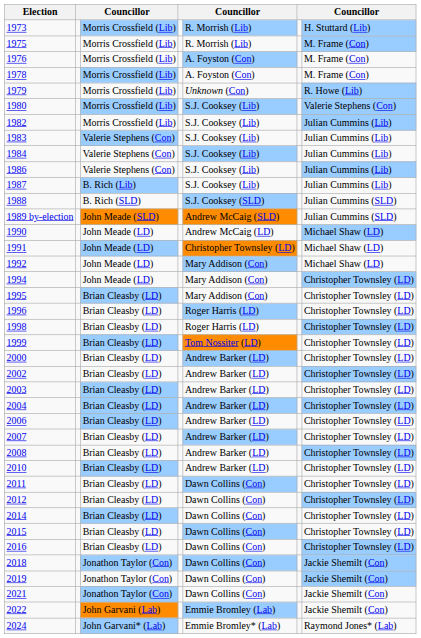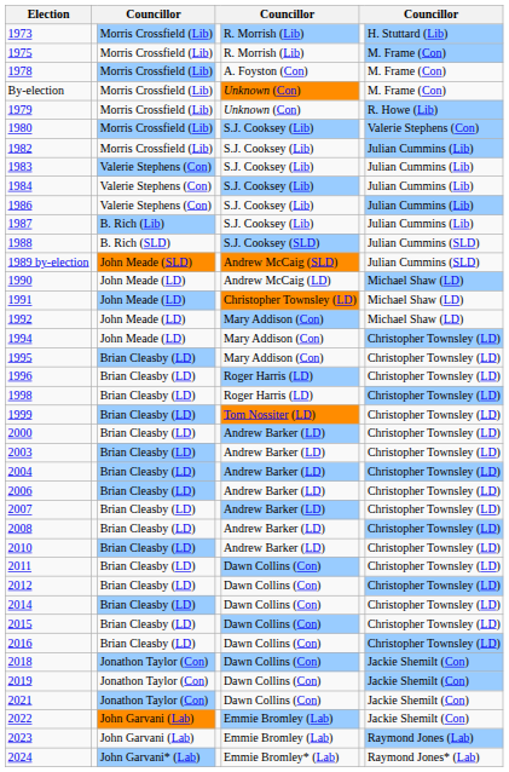 <table class="wikitable">
 <tr>
 <th>Election</th>
 <th colspan="2">Councillor</th>
 <th colspan="2">Councillor</th>
 <th colspan="2">Councillor</th>
 </tr>
 <tr>
 <td><a href='#'>1973</a></td>
 <td style="background-color: "></td>
 <td bgcolor="#99CCFF">Morris Crossfield (<a href='#'>Lib</a>)</td>
 <td style="background-color: "></td>
 <td bgcolor="#99CCFF">R. Morrish (<a href='#'>Lib</a>)</td>
 <td style="background-color: "></td>
 <td bgcolor="#99CCFF">H. Stuttard (<a href='#'>Lib</a>)</td>
 </tr>
 <tr>
 <td><a href='#'>1975</a></td>
 <td style="background-color: "></td>
 <td>Morris Crossfield (<a href='#'>Lib</a>)</td>
 <td style="background-color: "></td>
 <td>R. Morrish (<a href='#'>Lib</a>)</td>
 <td style="background-color: "></td>
 <td bgcolor="#99CCFF">M. Frame (<a href='#'>Con</a>)</td>
 </tr>
 <tr>
-<td><a href='#'>1976</a></td>
-<td style="background-color: "></td>
-<td>Morris Crossfield (<a href='#'>Lib</a>)</td>
-<td style="background-color: "></td>
-<td bgcolor="#99CCFF">A. Foyston (<a href='#'>Con</a>)</td>
-<td style="background-color: "></td>
-<td>M. Frame (<a href='#'>Con</a>)</td>
-</tr>
-<tr>
 <td><a href='#'>1978</a></td>
 <td style="background-color: "></td>
 <td bgcolor="#99CCFF">Morris Crossfield (<a href='#'>Lib</a>)</td>
 <td style="background-color: "></td>
 <td>A. Foyston (<a href='#'>Con</a>)</td>
+<td style="background-color: "></td>
+<td>M. Frame (<a href='#'>Con</a>)</td>
+</tr>
+<tr>
+<td>By-election</td>
+<td style="background-color: "></td>
+<td>Morris Crossfield (<a href='#'>Lib</a>)</td>
+<td style="background-color: "></td>
+<td bgcolor="#FF8C00"><em>Unknown</em> (<a href='#'>Con</a>)</td>
 <td style="background-color: "></td>
 <td>M. Frame (<a href='#'>Con</a>)</td>
 </tr>
 <tr>
 <td><a href='#'>1979</a></td>
 <td style="background-color: "></td>
 <td>Morris Crossfield (<a href='#'>Lib</a>)</td>
 <td style="background-color: "></td>
 <td><em>Unknown</em> (<a href='#'>Con</a>)</td>
 <td style="background-color: "></td>
 <td bgcolor="#99CCFF">R. Howe (<a href='#'>Lib</a>)</td>
 </tr>
 <tr>
 <td><a href='#'>1980</a></td>
 <td style="background-color: "></td>
 <td bgcolor="#99CCFF">Morris Crossfield (<a href='#'>Lib</a>)</td>
 <td style="background-color: "></td>
 <td bgcolor="#99CCFF">S.J. Cooksey (<a href='#'>Lib</a>)</td>
 <td style="background-color: "></td>
 <td bgcolor="#99CCFF">Valerie Stephens (<a href='#'>Con</a>)</td>
 </tr>
 <tr>
 <td><a href='#'>1982</a></td>
 <td style="background-color: "></td>
 <td>Morris Crossfield (<a href='#'>Lib</a>)</td>
 <td style="background-color: "></td>
 <td>S.J. Cooksey (<a href='#'>Lib</a>)</td>
 <td style="background-color: "></td>
 <td bgcolor="#99CCFF">Julian Cummins (<a href='#'>Lib</a>)</td>
 </tr>
 <tr>
 <td><a href='#'>1983</a></td>
 <td style="background-color: "></td>
 <td bgcolor="#99CCFF">Valerie Stephens (<a href='#'>Con</a>)</td>
 <td style="background-color: "></td>
 <td>S.J. Cooksey (<a href='#'>Lib</a>)</td>
 <td style="background-color: "></td>
 <td>Julian Cummins (<a href='#'>Lib</a>)</td>
 </tr>
 <tr>
 <td><a href='#'>1984</a></td>
 <td style="background-color: "></td>
 <td>Valerie Stephens (<a href='#'>Con</a>)</td>
 <td style="background-color: "></td>
 <td bgcolor="#99CCFF">S.J. Cooksey (<a href='#'>Lib</a>)</td>
 <td style="background-color: "></td>
 <td>Julian Cummins (<a href='#'>Lib</a>)</td>
 </tr>
 <tr>
 <td><a href='#'>1986</a></td>
 <td style="background-color: "></td>
 <td>Valerie Stephens (<a href='#'>Con</a>)</td>
 <td style="background-color: "></td>
 <td>S.J. Cooksey (<a href='#'>Lib</a>)</td>
 <td style="background-color: "></td>
 <td bgcolor="#99CCFF">Julian Cummins (<a href='#'>Lib</a>)</td>
 </tr>
 <tr>
 <td><a href='#'>1987</a></td>
 <td style="background-color: "></td>
 <td bgcolor="#99CCFF">B. Rich (<a href='#'>Lib</a>)</td>
 <td style="background-color: "></td>
 <td>S.J. Cooksey (<a href='#'>Lib</a>)</td>
 <td style="background-color: "></td>
 <td>Julian Cummins (<a href='#'>Lib</a>)</td>
 </tr>
 <tr>
 <td><a href='#'>1988</a></td>
 <td style="background-color: "></td>
 <td>B. Rich (<a href='#'>SLD</a>)</td>
 <td style="background-color: "></td>
 <td bgcolor="#99CCFF">S.J. Cooksey (<a href='#'>SLD</a>)</td>
 <td style="background-color: "></td>
 <td>Julian Cummins (<a href='#'>SLD</a>)</td>
 </tr>
 <tr>
 <td><a href='#'>1989 by-election</a></td>
 <td style="background-color: "></td>
 <td bgcolor="#FF8C00">John Meade (<a href='#'>SLD</a>)</td>
 <td style="background-color: "></td>
 <td bgcolor="#FF8C00">Andrew McCaig (<a href='#'>SLD</a>)</td>
 <td style="background-color: "></td>
 <td>Julian Cummins (<a href='#'>SLD</a>)</td>
 </tr>
 <tr>
 <td><a href='#'>1990</a></td>
 <td style="background-color: "></td>
 <td>John Meade (<a href='#'>LD</a>)</td>
 <td style="background-color: "></td>
 <td>Andrew McCaig (<a href='#'>LD</a>)</td>
 <td style="background-color: "></td>
 <td bgcolor="#99CCFF">Michael Shaw (<a href='#'>LD</a>)</td>
 </tr>
 <tr>
 <td><a href='#'>1991</a></td>
 <td style="background-color: "></td>
 <td bgcolor="#99CCFF">John Meade (<a href='#'>LD</a>)</td>
 <td style="background-color: "></td>
 <td bgcolor="#FF8C00">Christopher Townsley (<a href='#'>LD</a>)</td>
 <td style="background-color: "></td>
 <td>Michael Shaw (<a href='#'>LD</a>)</td>
 </tr>
 <tr>
 <td><a href='#'>1992</a></td>
 <td style="background-color: "></td>
 <td>John Meade (<a href='#'>LD</a>)</td>
 <td style="background-color: "></td>
 <td bgcolor="#99CCFF">Mary Addison (<a href='#'>Con</a>)</td>
 <td style="background-color: "></td>
 <td>Michael Shaw (<a href='#'>LD</a>)</td>
 </tr>
 <tr>
 <td><a href='#'>1994</a></td>
 <td style="background-color: "></td>
 <td>John Meade (<a href='#'>LD</a>)</td>
 <td style="background-color: "></td>
 <td>Mary Addison (<a href='#'>Con</a>)</td>
 <td style="background-color: "></td>
 <td bgcolor="#99CCFF">Christopher Townsley (<a href='#'>LD</a>)</td>
 </tr>
 <tr>
 <td><a href='#'>1995</a></td>
 <td style="background-color: "></td>
 <td bgcolor="#99CCFF">Brian Cleasby (<a href='#'>LD</a>)</td>
 <td style="background-color: "></td>
 <td>Mary Addison (<a href='#'>Con</a>)</td>
 <td style="background-color: "></td>
 <td>Christopher Townsley (<a href='#'>LD</a>)</td>
 </tr>
 <tr>
 <td><a href='#'>1996</a></td>
 <td style="background-color: "></td>
 <td>Brian Cleasby (<a href='#'>LD</a>)</td>
 <td style="background-color: "></td>
 <td bgcolor="#99CCFF">Roger Harris (<a href='#'>LD</a>)</td>
 <td style="background-color: "></td>
 <td>Christopher Townsley (<a href='#'>LD</a>)</td>
 </tr>
 <tr>
 <td><a href='#'>1998</a></td>
 <td style="background-color: "></td>
 <td>Brian Cleasby (<a href='#'>LD</a>)</td>
 <td style="background-color: "></td>
 <td>Roger Harris (<a href='#'>LD</a>)</td>
 <td style="background-color: "></td>
 <td bgcolor="#99CCFF">Christopher Townsley (<a href='#'>LD</a>)</td>
 </tr>
 <tr>
 <td><a href='#'>1999</a></td>
 <td style="background-color: "></td>
 <td bgcolor="#99CCFF">Brian Cleasby (<a href='#'>LD</a>)</td>
 <td style="background-color: "></td>
 <td bgcolor="#FF8C00"><a href='#'>Tom Nossiter</a> (<a href='#'>LD</a>)</td>
 <td style="background-color: "></td>
 <td>Christopher Townsley (<a href='#'>LD</a>)</td>
 </tr>
 <tr>
 <td><a href='#'>2000</a></td>
 <td style="background-color: "></td>
 <td>Brian Cleasby (<a href='#'>LD</a>)</td>
 <td style="background-color: "></td>
 <td bgcolor="#99CCFF">Andrew Barker (<a href='#'>LD</a>)</td>
 <td style="background-color: "></td>
 <td>Christopher Townsley (<a href='#'>LD</a>)</td>
 </tr>
 <tr>
-<td><a href='#'>2002</a></td>
-<td style="background-color: "></td>
-<td>Brian Cleasby (<a href='#'>LD</a>)</td>
-<td style="background-color: "></td>
-<td>Andrew Barker (<a href='#'>LD</a>)</td>
-<td style="background-color: "></td>
-<td bgcolor="#99CCFF">Christopher Townsley (<a href='#'>LD</a>)</td>
-</tr>
-<tr>
 <td><a href='#'>2003</a></td>
 <td style="background-color: "></td>
 <td bgcolor="#99CCFF">Brian Cleasby (<a href='#'>LD</a>)</td>
 <td style="background-color: "></td>
 <td>Andrew Barker (<a href='#'>LD</a>)</td>
 <td style="background-color: "></td>
 <td>Christopher Townsley (<a href='#'>LD</a>)</td>
 </tr>
 <tr>
 <td><a href='#'>2004</a></td>
 <td style="background-color: "></td>
 <td bgcolor="#99CCFF">Brian Cleasby (<a href='#'>LD</a>)</td>
 <td style="background-color: "></td>
 <td bgcolor="#99CCFF">Andrew Barker (<a href='#'>LD</a>)</td>
 <td style="background-color: "></td>
 <td bgcolor="#99CCFF">Christopher Townsley (<a href='#'>LD</a>)</td>
 </tr>
 <tr>
 <td><a href='#'>2006</a></td>
 <td style="background-color: "></td>
 <td bgcolor="#99CCFF">Brian Cleasby (<a href='#'>LD</a>)</td>
 <td style="background-color: "></td>
 <td>Andrew Barker (<a href='#'>LD</a>)</td>
 <td style="background-color: "></td>
 <td>Christopher Townsley (<a href='#'>LD</a>)</td>
 </tr>
 <tr>
 <td><a href='#'>2007</a></td>
 <td style="background-color: "></td>
 <td>Brian Cleasby (<a href='#'>LD</a>)</td>
 <td style="background-color: "></td>
 <td bgcolor="#99CCFF">Andrew Barker (<a href='#'>LD</a>)</td>
 <td style="background-color: "></td>
 <td>Christopher Townsley (<a href='#'>LD</a>)</td>
 </tr>
 <tr>
 <td><a href='#'>2008</a></td>
 <td style="background-color: "></td>
 <td>Brian Cleasby (<a href='#'>LD</a>)</td>
 <td style="background-color: "></td>
 <td>Andrew Barker (<a href='#'>LD</a>)</td>
 <td style="background-color: "></td>
 <td bgcolor="#99CCFF">Christopher Townsley (<a href='#'>LD</a>)</td>
 </tr>
 <tr>
 <td><a href='#'>2010</a></td>
 <td style="background-color: "></td>
 <td bgcolor="#99CCFF">Brian Cleasby (<a href='#'>LD</a>)</td>
 <td style="background-color: "></td>
 <td>Andrew Barker (<a href='#'>LD</a>)</td>
 <td style="background-color: "></td>
 <td>Christopher Townsley (<a href='#'>LD</a>)</td>
 </tr>
 <tr>
 <td><a href='#'>2011</a></td>
 <td style="background-color: "></td>
 <td>Brian Cleasby (<a href='#'>LD</a>)</td>
 <td style="background-color: "></td>
 <td bgcolor="#99CCFF">Dawn Collins (<a href='#'>Con</a>)</td>
 <td style="background-color: "></td>
 <td>Christopher Townsley (<a href='#'>LD</a>)</td>
 </tr>
 <tr>
 <td><a href='#'>2012</a></td>
 <td style="background-color: "></td>
 <td>Brian Cleasby (<a href='#'>LD</a>)</td>
 <td style="background-color: "></td>
 <td>Dawn Collins (<a href='#'>Con</a>)</td>
 <td style="background-color: "></td>
 <td bgcolor="#99CCFF">Christopher Townsley (<a href='#'>LD</a>)</td>
 </tr>
 <tr>
 <td><a href='#'>2014</a></td>
 <td style="background-color: "></td>
 <td bgcolor="#99CCFF">Brian Cleasby (<a href='#'>LD</a>)</td>
 <td style="background-color: "></td>
 <td>Dawn Collins (<a href='#'>Con</a>)</td>
 <td style="background-color: "></td>
 <td>Christopher Townsley (<a href='#'>LD</a>)</td>
 </tr>
 <tr>
 <td><a href='#'>2015</a></td>
 <td style="background-color: "></td>
 <td>Brian Cleasby (<a href='#'>LD</a>)</td>
 <td style="background-color: "></td>
 <td bgcolor="#99CCFF">Dawn Collins (<a href='#'>Con</a>)</td>
 <td style="background-color: "></td>
 <td>Christopher Townsley (<a href='#'>LD</a>)</td>
 </tr>
 <tr>
 <td><a href='#'>2016</a></td>
 <td style="background-color: "></td>
 <td>Brian Cleasby (<a href='#'>LD</a>)</td>
 <td style="background-color: "></td>
 <td>Dawn Collins (<a href='#'>Con</a>)</td>
 <td style="background-color: "></td>
 <td bgcolor="#99CCFF">Christopher Townsley (<a href='#'>LD</a>)</td>
 </tr>
 <tr>
 <td><a href='#'>2018</a></td>
 <td style="background-color: "></td>
 <td bgcolor="#99CCFF">Jonathon Taylor (<a href='#'>Con</a>)</td>
 <td style="background-color: "></td>
 <td bgcolor="#99CCFF">Dawn Collins (<a href='#'>Con</a>)</td>
 <td style="background-color: "></td>
 <td bgcolor="#99CCFF">Jackie Shemilt (<a href='#'>Con</a>)<br></td>
 </tr>
 <tr>
 <td><a href='#'>2019</a></td>
 <td style="background-color: "></td>
 <td>Jonathon Taylor (<a href='#'>Con</a>)</td>
 <td style="background-color: "></td>
 <td>Dawn Collins (<a href='#'>Con</a>)</td>
 <td style="background-color: "></td>
 <td bgcolor="#99CCFF">Jackie Shemilt (<a href='#'>Con</a>)</td>
 </tr>
 <tr>
 <td><a href='#'>2021</a></td>
 <td style="background-color: "></td>
 <td bgcolor="#99CCFF">Jonathon Taylor (<a href='#'>Con</a>)</td>
 <td style="background-color: "></td>
 <td>Dawn Collins (<a href='#'>Con</a>)</td>
 <td style="background-color: "></td>
 <td>Jackie Shemilt (<a href='#'>Con</a>)</td>
 </tr>
 <tr>
 <td><a href='#'>2022</a></td>
 <td style="background-color: "></td>
 <td bgcolor="#FF8C00">John Garvani (<a href='#'>Lab</a>)</td>
 <td style="background-color: "></td>
 <td bgcolor="#99CCFF">Emmie Bromley (<a href='#'>Lab</a>)</td>
 <td style="background-color: "></td>
 <td>Jackie Shemilt (<a href='#'>Con</a>)</td>
 </tr>
 <tr>
+<td><a href='#'>2023</a></td>
+<td style="background-color: "></td>
+<td>John Garvani (<a href='#'>Lab</a>)</td>
+<td style="background-color: "></td>
+<td>Emmie Bromley (<a href='#'>Lab</a>)</td>
+<td style="background-color: "></td>
+<td bgcolor="#99CCFF">Raymond Jones (<a href='#'>Lab</a>)</td>
+</tr>
+<tr>
 <td><a href='#'>2024</a></td>
 <td style="background-color: "></td>
 <td bgcolor="#99CCFF">John Garvani* (<a href='#'>Lab</a>)</td>
 <td style="background-color: "></td>
 <td>Emmie Bromley* (<a href='#'>Lab</a>)</td>
 <td style="background-color: "></td>
 <td>Raymond Jones* (<a href='#'>Lab</a>)</td>
 </tr>
 </table>
